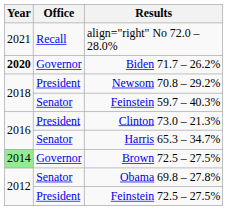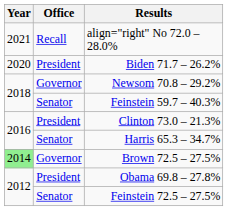 <table class=wikitable>
 <tr>
 <th width="30">Year</th>
 <th width="60">Office</th>
 <th width="180">Results</th>
 </tr>
 <tr>
 <td>2021</td>
 <td><a href='#'>Recall</a></td>
 <td>align="right"  No 72.0 – 28.0%</td>
 </tr>
 <tr>
-<td rowspan="1"><strong>2020</strong></td>
-<td><a href='#'>Governor</a></td>
+<td rowspan="1">2020</td>
+<td><a href='#'>President</a></td>
 <td align="right" ><a href='#'>Biden</a> 71.7 – 26.2%</td>
 </tr>
 <tr>
 <td rowspan="2">2018</td>
-<td><a href='#'>President</a></td>
+<td><a href='#'>Governor</a></td>
 <td align="right" ><a href='#'>Newsom</a> 70.8 – 29.2%</td>
 </tr>
 <tr>
 <td><a href='#'>Senator</a></td>
 <td align="right" ><a href='#'>Feinstein</a> 59.7 – 40.3%</td>
 </tr>
 <tr>
 <td rowspan="2">2016</td>
 <td><a href='#'>President</a></td>
 <td align="right" ><a href='#'>Clinton</a> 73.0 – 21.3%</td>
 </tr>
 <tr>
 <td><a href='#'>Senator</a></td>
 <td align="right" ><a href='#'>Harris</a> 65.3 – 34.7%</td>
 </tr>
 <tr>
 <td style="background: lightgreen;">2014</td>
 <td><a href='#'>Governor</a></td>
 <td align="right" ><a href='#'>Brown</a> 72.5 – 27.5%</td>
 </tr>
 <tr>
 <td rowspan="2">2012</td>
-<td><a href='#'>Senator</a></td>
+<td><a href='#'>President</a></td>
 <td align="right" ><a href='#'>Obama</a> 69.8 – 27.8%</td>
 </tr>
 <tr>
-<td><a href='#'>President</a></td>
+<td><a href='#'>Senator</a></td>
 <td align="right" ><a href='#'>Feinstein</a> 72.5 – 27.5%</td>
 </tr>
 </table>
